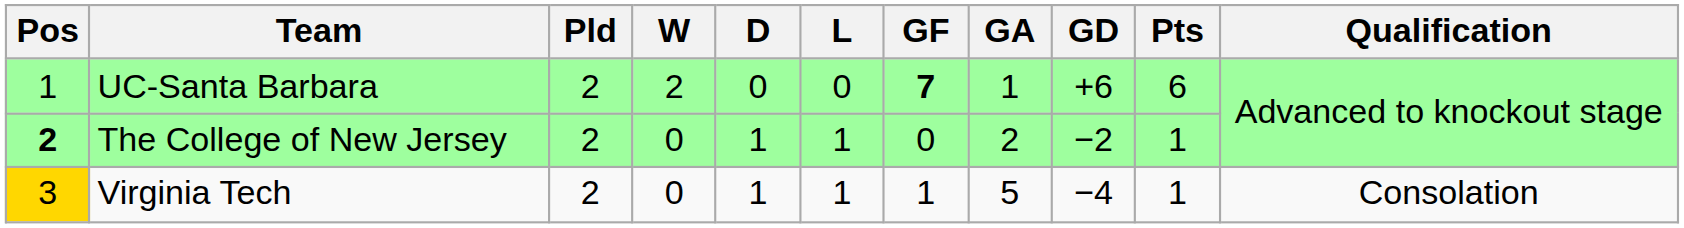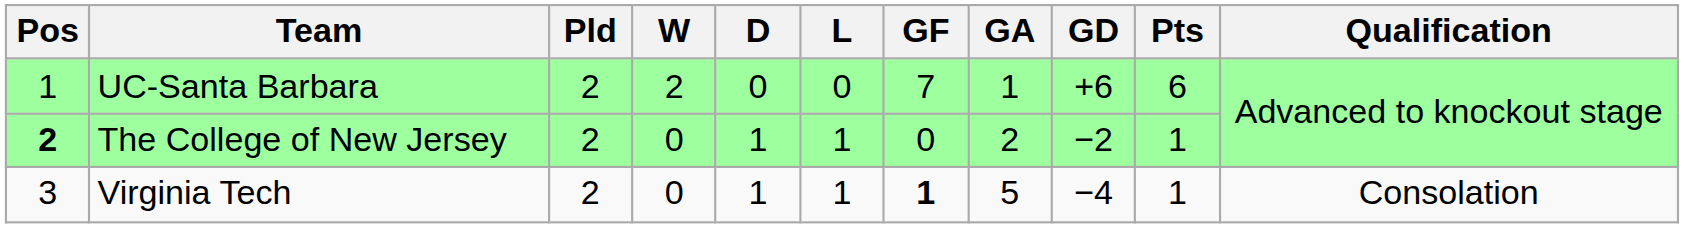 <table class="wikitable" style="text-align:center; margin: 1em auto">
 <tr>
 <th style="width:2em">Pos</th>
 <th style="width:13em">Team</th>
 <th style="width:2em">Pld</th>
 <th style="width:2em">W</th>
 <th style="width:2em">D</th>
 <th style="width:2em">L</th>
 <th style="width:2em">GF</th>
 <th style="width:2em">GA</th>
 <th style="width:2em">GD</th>
 <th style="width:2em">Pts</th>
 <th style="width:13em">Qualification</th>
 </tr>
 <tr bgcolor="#9eff9e">
 <td>1</td>
 <td style="text-align:left">UC-Santa Barbara</td>
 <td>2</td>
 <td>2</td>
 <td>0</td>
 <td>0</td>
-<td><strong>7</strong></td>
+<td>7</td>
 <td>1</td>
 <td>+6</td>
 <td>6</td>
 <td rowspan="2">Advanced to knockout stage</td>
 </tr>
 <tr bgcolor="#9eff9e">
 <td><strong>2</strong></td>
 <td style="text-align:left">The College of New Jersey</td>
 <td>2</td>
 <td>0</td>
 <td>1</td>
 <td>1</td>
 <td>0</td>
 <td>2</td>
 <td>−2</td>
 <td>1</td>
 </tr>
 <tr>
-<td style="background: gold;">3</td>
+<td>3</td>
 <td style="text-align:left">Virginia Tech</td>
 <td>2</td>
 <td>0</td>
 <td>1</td>
 <td>1</td>
-<td>1</td>
+<td><strong>1</strong></td>
 <td>5</td>
 <td>−4</td>
 <td>1</td>
 <td>Consolation</td>
 </tr>
 </table>
